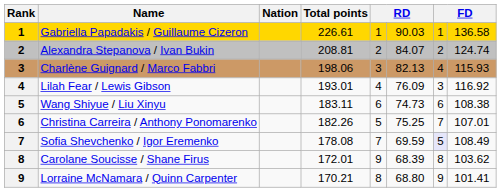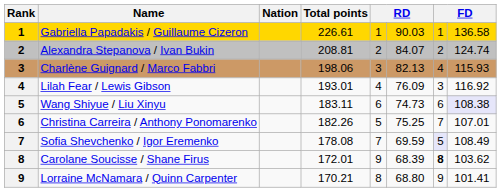 <table class="wikitable sortable">
 <tr>
 <th>Rank</th>
 <th>Name</th>
 <th>Nation</th>
 <th>Total points</th>
 <th colspan="2" width="80px"><a href='#'>RD</a></th>
 <th colspan="2" width="80px"><a href='#'>FD</a></th>
 </tr>
 <tr bgcolor="gold">
 <td align="center"><strong>1</strong></td>
 <td><a href='#'>Gabriella Papadakis</a> / <a href='#'>Guillaume Cizeron</a></td>
 <td></td>
 <td align="center">226.61</td>
 <td align="center">1</td>
 <td align="center">90.03</td>
 <td align="center">1</td>
 <td align="center">136.58</td>
 </tr>
 <tr bgcolor="silver">
 <td align="center"><strong>2</strong></td>
 <td><a href='#'>Alexandra Stepanova</a> / <a href='#'>Ivan Bukin</a></td>
 <td></td>
 <td align="center">208.81</td>
 <td align="center">2</td>
 <td align="center">84.07</td>
 <td align="center">2</td>
 <td align="center">124.74</td>
 </tr>
 <tr bgcolor="cc9966">
 <td align="center"><strong>3</strong></td>
 <td><a href='#'>Charlène Guignard</a> / <a href='#'>Marco Fabbri</a></td>
 <td></td>
 <td align="center">198.06</td>
 <td align="center">3</td>
 <td align="center">82.13</td>
 <td align="center">4</td>
 <td align="center">115.93</td>
 </tr>
 <tr>
 <th>4</th>
 <td><a href='#'>Lilah Fear</a> / <a href='#'>Lewis Gibson</a></td>
 <td></td>
 <td align="center">193.01</td>
 <td align="center">4</td>
 <td align="center">76.09</td>
 <td align="center">3</td>
 <td align="center">116.92</td>
 </tr>
 <tr>
 <th>5</th>
 <td><a href='#'>Wang Shiyue</a> / <a href='#'>Liu Xinyu</a></td>
 <td></td>
 <td align="center">183.11</td>
 <td align="center">6</td>
 <td align="center">74.73</td>
 <td align="center">6</td>
-<td align="center">108.38</td>
+<td align="center" style="background: lavender;">108.38</td>
 </tr>
 <tr>
 <th>6</th>
 <td><a href='#'>Christina Carreira</a> / <a href='#'>Anthony Ponomarenko</a></td>
 <td></td>
 <td align="center">182.26</td>
 <td align="center">5</td>
 <td align="center">75.25</td>
 <td align="center">7</td>
 <td align="center">107.01</td>
 </tr>
 <tr>
 <th>7</th>
 <td><a href='#'>Sofia Shevchenko</a> / <a href='#'>Igor Eremenko</a></td>
 <td></td>
 <td align="center">178.08</td>
 <td align="center">7</td>
 <td align="center">69.59</td>
 <td align="center" style="background: lavender;">5</td>
 <td align="center">108.49</td>
 </tr>
 <tr>
 <th>8</th>
 <td><a href='#'>Carolane Soucisse</a> / <a href='#'>Shane Firus</a></td>
 <td></td>
 <td align="center">172.01</td>
 <td align="center">9</td>
 <td align="center">68.39</td>
-<td align="center">8</td>
+<td align="center"><strong>8</strong></td>
 <td align="center">103.62</td>
 </tr>
 <tr>
 <th>9</th>
 <td><a href='#'>Lorraine McNamara</a> / <a href='#'>Quinn Carpenter</a></td>
 <td></td>
 <td align="center">170.21</td>
 <td align="center">8</td>
 <td align="center">68.80</td>
 <td align="center">9</td>
 <td align="center">101.41</td>
 </tr>
 </table>
